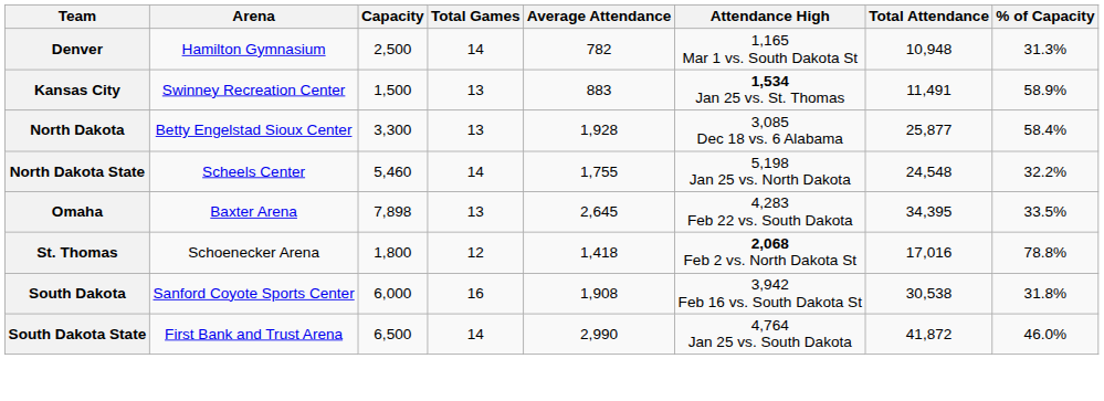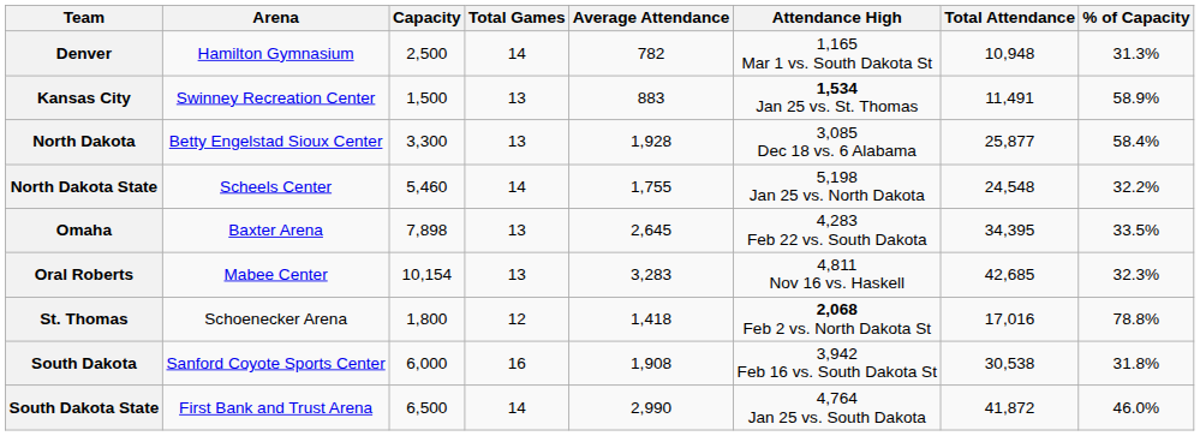 <table class="wikitable sortable" style="text-align:center">
 <tr>
 <th>Team</th>
 <th>Arena</th>
 <th>Capacity</th>
 <th>Total Games</th>
 <th>Average Attendance</th>
 <th>Attendance High</th>
 <th>Total Attendance</th>
 <th>% of Capacity</th>
 </tr>
 <tr>
 <th>Denver</th>
 <td><a href='#'>Hamilton Gymnasium</a></td>
 <td>2,500</td>
 <td>14</td>
 <td>782</td>
 <td>1,165<br>Mar 1 vs. South Dakota St</td>
 <td>10,948</td>
 <td>31.3%</td>
 </tr>
 <tr>
 <th>Kansas City</th>
 <td><a href='#'>Swinney Recreation Center</a></td>
 <td>1,500</td>
 <td>13</td>
 <td>883</td>
 <td><strong>1,534</strong><br>Jan 25 vs. St. Thomas</td>
 <td>11,491</td>
 <td>58.9%</td>
 </tr>
 <tr>
 <th>North Dakota</th>
 <td><a href='#'>Betty Engelstad Sioux Center</a></td>
 <td>3,300</td>
 <td>13</td>
 <td>1,928</td>
 <td>3,085<br>Dec 18 vs. 6 Alabama</td>
 <td>25,877</td>
 <td>58.4%</td>
 </tr>
 <tr>
 <th>North Dakota State</th>
 <td><a href='#'>Scheels Center</a></td>
 <td>5,460</td>
 <td>14</td>
 <td>1,755</td>
 <td>5,198<br>Jan 25 vs. North Dakota</td>
 <td>24,548</td>
 <td>32.2%</td>
 </tr>
 <tr>
 <th>Omaha</th>
 <td><a href='#'>Baxter Arena</a></td>
 <td>7,898</td>
 <td>13</td>
 <td>2,645</td>
 <td>4,283<br>Feb 22 vs. South Dakota</td>
 <td>34,395</td>
 <td>33.5%</td>
 </tr>
 <tr>
+<th>Oral Roberts</th>
+<td><a href='#'>Mabee Center</a></td>
+<td>10,154</td>
+<td>13</td>
+<td>3,283</td>
+<td>4,811<br>Nov 16 vs. Haskell</td>
+<td>42,685</td>
+<td>32.3%</td>
+</tr>
+<tr>
 <th>St. Thomas</th>
 <td>Schoenecker Arena</td>
 <td>1,800</td>
 <td>12</td>
 <td>1,418</td>
 <td><strong>2,068</strong><br>Feb 2 vs. North Dakota St</td>
 <td>17,016</td>
 <td>78.8%</td>
 </tr>
 <tr>
 <th>South Dakota</th>
 <td><a href='#'>Sanford Coyote Sports Center</a></td>
 <td>6,000</td>
 <td>16</td>
 <td>1,908</td>
 <td>3,942<br>Feb 16 vs. South Dakota St</td>
 <td>30,538</td>
 <td>31.8%</td>
 </tr>
 <tr>
 <th>South Dakota State</th>
 <td><a href='#'>First Bank and Trust Arena</a></td>
 <td>6,500</td>
 <td>14</td>
 <td>2,990</td>
 <td>4,764<br>Jan 25 vs. South Dakota</td>
 <td>41,872</td>
 <td>46.0%</td>
 </tr>
 </table>
